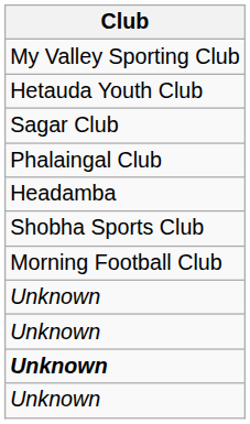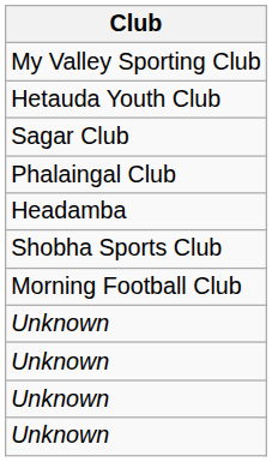 <table class="wikitable" border="1">
 <tr>
 <th>Club</th>
 </tr>
 <tr>
 <td>My Valley Sporting Club</td>
 </tr>
 <tr>
 <td>Hetauda Youth Club</td>
 </tr>
 <tr>
 <td>Sagar Club</td>
 </tr>
 <tr>
 <td>Phalaingal Club</td>
 </tr>
 <tr>
 <td>Headamba</td>
 </tr>
 <tr>
 <td>Shobha Sports Club</td>
 </tr>
 <tr>
 <td>Morning Football Club</td>
 </tr>
 <tr>
 <td><em>Unknown</em></td>
 </tr>
 <tr>
 <td><em>Unknown</em></td>
 </tr>
 <tr>
-<td><strong><em>Unknown</em></strong></td>
+<td><em>Unknown</em></td>
 </tr>
 <tr>
 <td><em>Unknown</em></td>
 </tr>
 </table>
